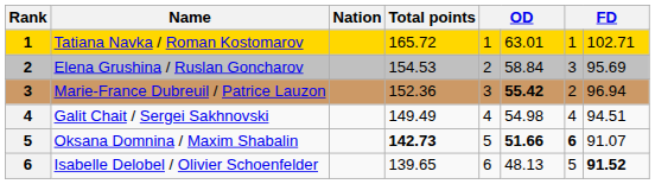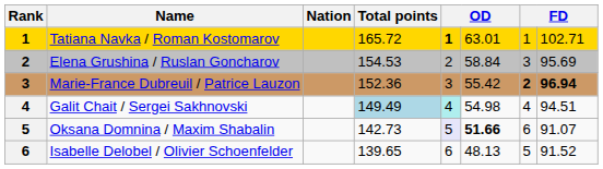 <table class="wikitable">
 <tr>
 <th>Rank</th>
 <th>Name</th>
 <th>Nation</th>
 <th>Total points</th>
 <th colspan="2" width="80px"><a href='#'>OD</a></th>
 <th colspan="2" width="80px"><a href='#'>FD</a></th>
 </tr>
 <tr bgcolor="gold">
 <td align="center"><strong>1</strong></td>
 <td><a href='#'>Tatiana Navka</a> / <a href='#'>Roman Kostomarov</a></td>
 <td></td>
 <td>165.72</td>
-<td>1</td>
+<td><strong>1</strong></td>
 <td>63.01</td>
 <td>1</td>
 <td>102.71</td>
 </tr>
 <tr bgcolor="silver">
 <td align="center"><strong>2</strong></td>
 <td><a href='#'>Elena Grushina</a> / <a href='#'>Ruslan Goncharov</a></td>
 <td></td>
 <td>154.53</td>
 <td>2</td>
 <td>58.84</td>
 <td>3</td>
 <td>95.69</td>
 </tr>
 <tr bgcolor="cc9966">
 <td align="center"><strong>3</strong></td>
 <td><a href='#'>Marie-France Dubreuil</a> / <a href='#'>Patrice Lauzon</a></td>
 <td></td>
 <td>152.36</td>
 <td>3</td>
-<td><strong>55.42</strong></td>
-<td>2</td>
-<td>96.94</td>
+<td>55.42</td>
+<td><strong>2</strong></td>
+<td><strong>96.94</strong></td>
 </tr>
 <tr>
 <th>4</th>
 <td><a href='#'>Galit Chait</a> / <a href='#'>Sergei Sakhnovski</a></td>
 <td></td>
-<td>149.49</td>
-<td>4</td>
+<td style="background: lightblue;">149.49</td>
+<td style="background: paleturquoise;">4</td>
 <td>54.98</td>
 <td>4</td>
 <td>94.51</td>
 </tr>
 <tr>
 <th>5</th>
 <td><a href='#'>Oksana Domnina</a> / <a href='#'>Maxim Shabalin</a></td>
 <td></td>
-<td><strong>142.73</strong></td>
-<td>5</td>
+<td>142.73</td>
+<td style="background: lavender;">5</td>
 <td><strong>51.66</strong></td>
-<td><strong>6</strong></td>
+<td>6</td>
 <td>91.07</td>
 </tr>
 <tr>
 <th>6</th>
 <td><a href='#'>Isabelle Delobel</a> / <a href='#'>Olivier Schoenfelder</a></td>
 <td></td>
 <td>139.65</td>
 <td>6</td>
 <td>48.13</td>
 <td>5</td>
-<td><strong>91.52</strong></td>
+<td>91.52</td>
 </tr>
 </table>
